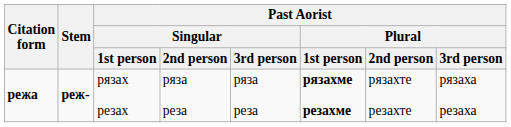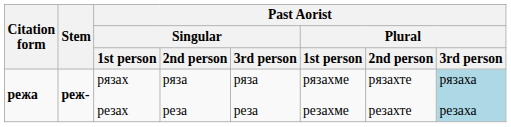 <table class="wikitable">
 <tr>
 <th rowspan="3">Citation<br>form</th>
 <th rowspan="3">Stem</th>
 <th colspan="6">Past Aorist</th>
 </tr>
 <tr>
 <th colspan="3">Singular</th>
 <th colspan="3">Plural</th>
 </tr>
 <tr>
 <th><strong>1st person</strong></th>
 <th><strong>2nd person</strong></th>
 <th><strong>3rd person</strong></th>
 <th><strong>1st person</strong></th>
 <th><strong>2nd person</strong></th>
 <th><strong>3rd person</strong></th>
 </tr>
 <tr>
 <td><strong>режа</strong> <br></td>
 <td><strong>р<span>еж</span>-</strong> <br></td>
 <td>р<span>яз</span><span>а</span><span>х</span> <br> <br>р<span>ез</span><span>а</span><span>х</span> <br></td>
 <td>р<span>яз</span><span>а</span> <br> <br>р<span>ез</span><span>а</span> <br></td>
 <td>р<span>яз</span><span>а</span> <br> <br>р<span>ез</span><span>а</span><br></td>
-<td><strong>р<span>яз</span><span>а</span><span>хме</span> <br> <br>р<span>ез</span><span>а</span><span>хме</span> <br></strong></td>
+<td>р<span>яз</span><span>а</span><span>хме</span> <br> <br>р<span>ез</span><span>а</span><span>хме</span> <br></td>
 <td>р<span>яз</span><span>а</span><span>хте</span> <br> <br>р<span>ез</span><span>а</span><span>хте</span> <br></td>
-<td>р<span>яз</span><span>а</span><span>ха</span> <br> <br>р<span>ез</span><span>а</span><span>ха</span> <br></td>
+<td style="background: lightblue;">р<span>яз</span><span>а</span><span>ха</span> <br> <br>р<span>ез</span><span>а</span><span>ха</span> <br></td>
 </tr>
 </table>
